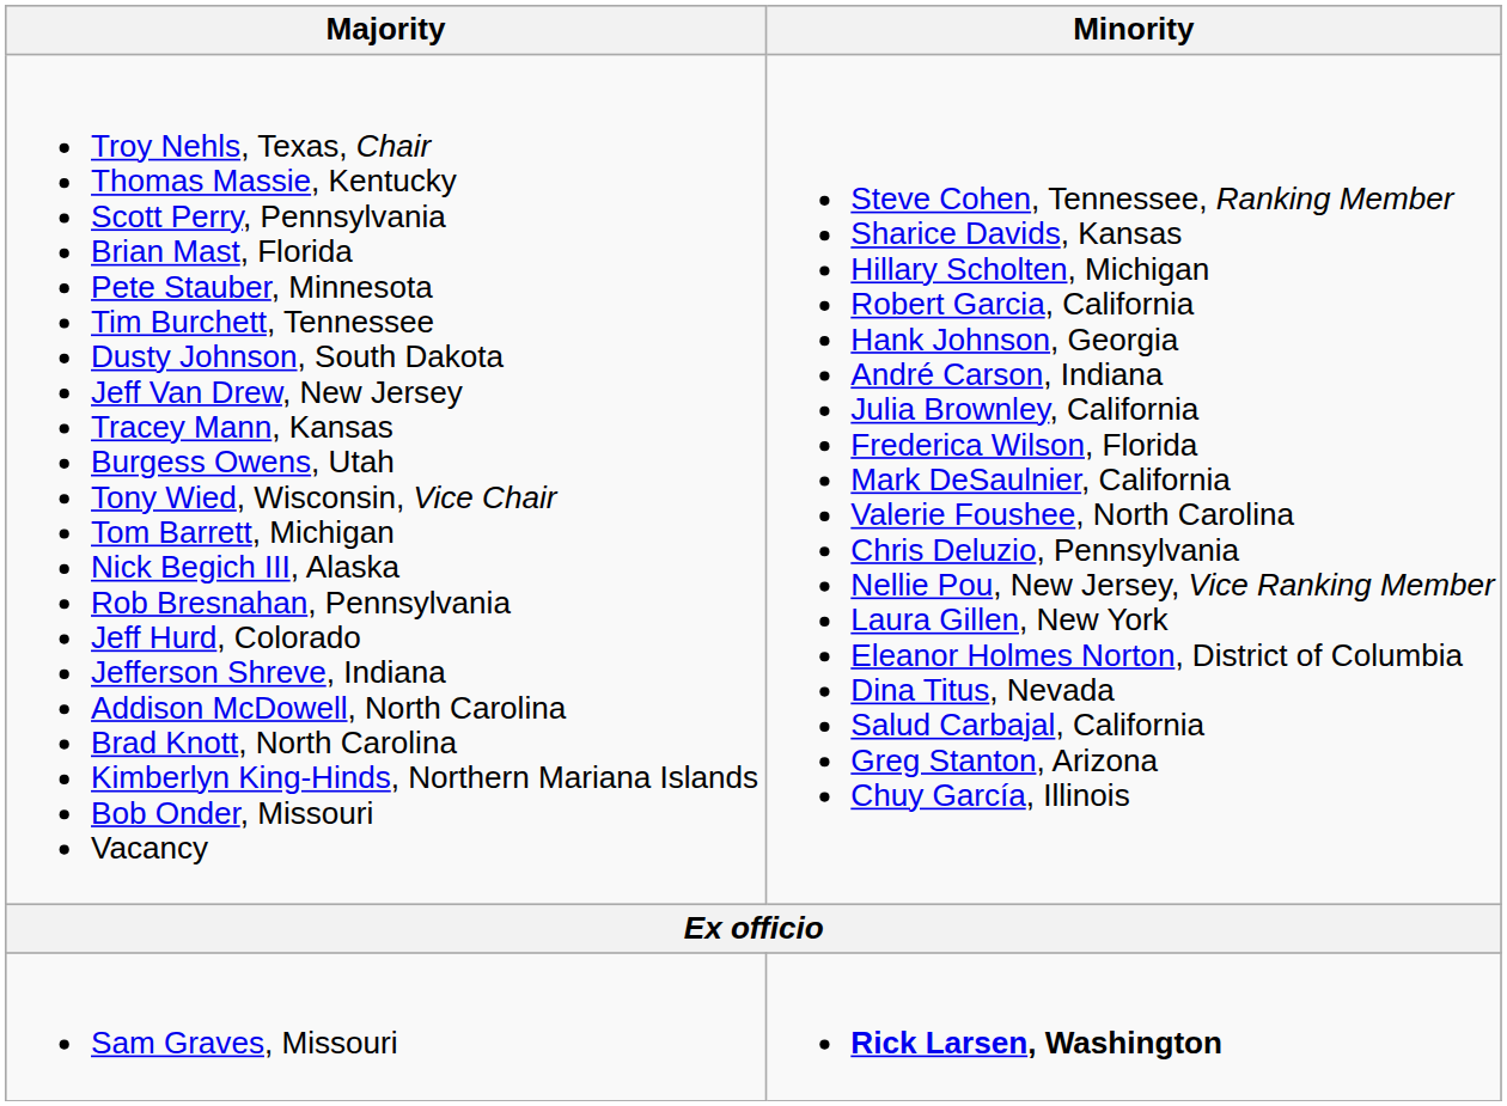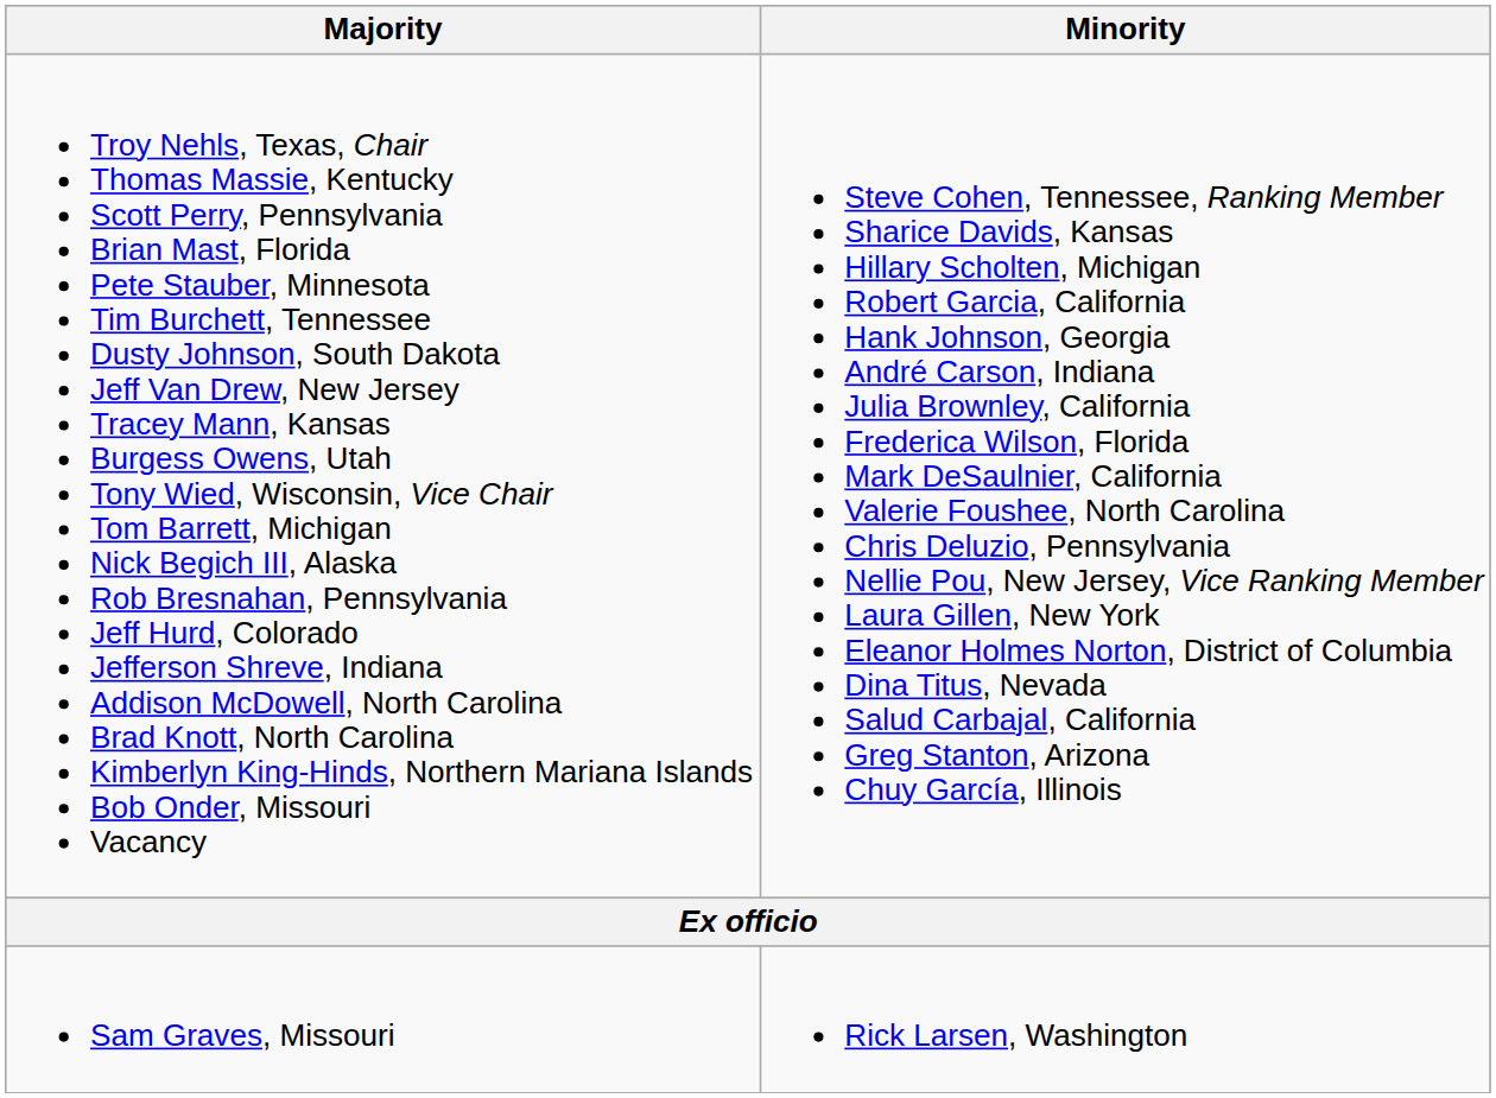 <table class=wikitable>
 <tr>
 <th>Majority</th>
 <th>Minority</th>
 </tr>
 <tr>
 <td><br><ul><li><a href='#'>Troy Nehls</a>, Texas, <em>Chair</em></li><li><a href='#'>Thomas Massie</a>, Kentucky</li><li><a href='#'>Scott Perry</a>, Pennsylvania</li><li><a href='#'>Brian Mast</a>, Florida</li><li><a href='#'>Pete Stauber</a>, Minnesota</li><li><a href='#'>Tim Burchett</a>, Tennessee</li><li><a href='#'>Dusty Johnson</a>, South Dakota</li><li><a href='#'>Jeff Van Drew</a>, New Jersey</li><li><a href='#'>Tracey Mann</a>, Kansas</li><li><a href='#'>Burgess Owens</a>, Utah</li><li><a href='#'>Tony Wied</a>, Wisconsin, <em>Vice Chair</em></li><li><a href='#'>Tom Barrett</a>, Michigan</li><li><a href='#'>Nick Begich III</a>, Alaska</li><li><a href='#'>Rob Bresnahan</a>, Pennsylvania</li><li><a href='#'>Jeff Hurd</a>, Colorado</li><li><a href='#'>Jefferson Shreve</a>, Indiana</li><li><a href='#'>Addison McDowell</a>, North Carolina</li><li><a href='#'>Brad Knott</a>, North Carolina</li><li><a href='#'>Kimberlyn King-Hinds</a>, Northern Mariana Islands</li><li><a href='#'>Bob Onder</a>, Missouri</li><li>Vacancy</li></ul></td>
 <td><br><ul><li><a href='#'>Steve Cohen</a>, Tennessee, <em>Ranking Member</em></li><li><a href='#'>Sharice Davids</a>, Kansas</li><li><a href='#'>Hillary Scholten</a>, Michigan</li><li><a href='#'>Robert Garcia</a>, California</li><li><a href='#'>Hank Johnson</a>, Georgia</li><li><a href='#'>André Carson</a>, Indiana</li><li><a href='#'>Julia Brownley</a>, California</li><li><a href='#'>Frederica Wilson</a>, Florida</li><li><a href='#'>Mark DeSaulnier</a>, California</li><li><a href='#'>Valerie Foushee</a>, North Carolina</li><li><a href='#'>Chris Deluzio</a>, Pennsylvania</li><li><a href='#'>Nellie Pou</a>, New Jersey, <em>Vice Ranking Member</em></li><li><a href='#'>Laura Gillen</a>, New York</li><li><a href='#'>Eleanor Holmes Norton</a>, District of Columbia</li><li><a href='#'>Dina Titus</a>, Nevada</li><li><a href='#'>Salud Carbajal</a>, California</li><li><a href='#'>Greg Stanton</a>, Arizona</li><li><a href='#'>Chuy García</a>, Illinois</li></ul></td>
 </tr>
 <tr>
 <th colspan=2><em>Ex officio</em></th>
 </tr>
 <tr>
 <td><br><ul><li><a href='#'>Sam Graves</a>, Missouri</li></ul></td>
-<td><strong><br><ul><li><a href='#'>Rick Larsen</a>, Washington</li></ul></strong></td>
+<td><br><ul><li><a href='#'>Rick Larsen</a>, Washington</li></ul></td>
 </tr>
 </table>
